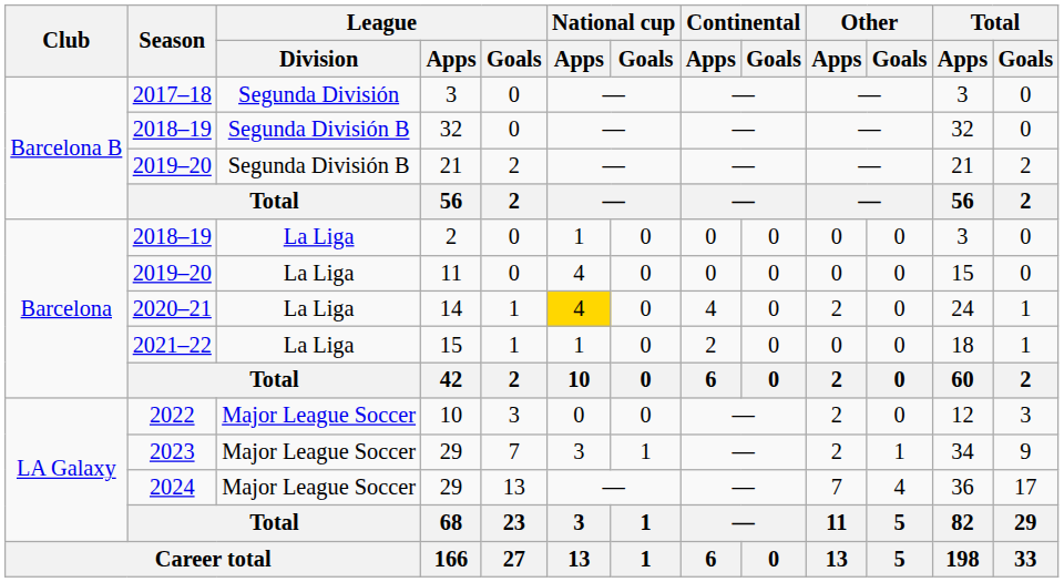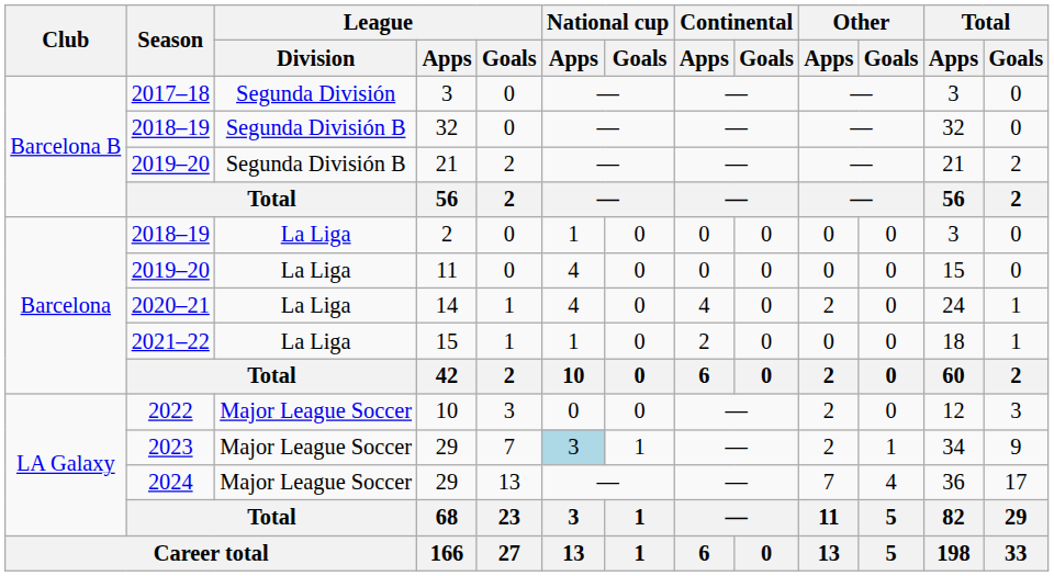 <table class="wikitable" style="text-align: center">
 <tr>
 <th rowspan="2">Club</th>
 <th rowspan="2">Season</th>
 <th colspan="3">League</th>
 <th colspan="2">National cup</th>
 <th colspan="2">Continental</th>
 <th colspan="2">Other</th>
 <th colspan="2">Total</th>
 </tr>
 <tr>
 <th>Division</th>
 <th>Apps</th>
 <th>Goals</th>
 <th>Apps</th>
 <th>Goals</th>
 <th>Apps</th>
 <th>Goals</th>
 <th>Apps</th>
 <th>Goals</th>
 <th>Apps</th>
 <th>Goals</th>
 </tr>
 <tr>
 <td rowspan="4"><a href='#'>Barcelona B</a></td>
 <td><a href='#'>2017–18</a></td>
 <td><a href='#'>Segunda División</a></td>
 <td>3</td>
 <td>0</td>
 <td colspan="2">—</td>
 <td colspan="2">—</td>
 <td colspan="2">—</td>
 <td>3</td>
 <td>0</td>
 </tr>
 <tr>
 <td><a href='#'>2018–19</a></td>
 <td><a href='#'>Segunda División B</a></td>
 <td>32</td>
 <td>0</td>
 <td colspan="2">—</td>
 <td colspan="2">—</td>
 <td colspan="2">—</td>
 <td>32</td>
 <td>0</td>
 </tr>
 <tr>
 <td><a href='#'>2019–20</a></td>
 <td>Segunda División B</td>
 <td>21</td>
 <td>2</td>
 <td colspan="2">—</td>
 <td colspan="2">—</td>
 <td colspan="2">—</td>
 <td>21</td>
 <td>2</td>
 </tr>
 <tr>
 <th colspan="2">Total</th>
 <th>56</th>
 <th>2</th>
 <th colspan="2">—</th>
 <th colspan="2">—</th>
 <th colspan="2">—</th>
 <th>56</th>
 <th>2</th>
 </tr>
 <tr>
 <td rowspan="5"><a href='#'>Barcelona</a></td>
 <td><a href='#'>2018–19</a></td>
 <td><a href='#'>La Liga</a></td>
 <td>2</td>
 <td>0</td>
 <td>1</td>
 <td>0</td>
 <td>0</td>
 <td>0</td>
 <td>0</td>
 <td>0</td>
 <td>3</td>
 <td>0</td>
 </tr>
 <tr>
 <td><a href='#'>2019–20</a></td>
 <td>La Liga</td>
 <td>11</td>
 <td>0</td>
 <td>4</td>
 <td>0</td>
 <td>0</td>
 <td>0</td>
 <td>0</td>
 <td>0</td>
 <td>15</td>
 <td>0</td>
 </tr>
 <tr>
 <td><a href='#'>2020–21</a></td>
 <td>La Liga</td>
 <td>14</td>
 <td>1</td>
-<td style="background: gold;">4</td>
+<td>4</td>
 <td>0</td>
 <td>4</td>
 <td>0</td>
 <td>2</td>
 <td>0</td>
 <td>24</td>
 <td>1</td>
 </tr>
 <tr>
 <td><a href='#'>2021–22</a></td>
 <td>La Liga</td>
 <td>15</td>
 <td>1</td>
 <td>1</td>
 <td>0</td>
 <td>2</td>
 <td>0</td>
 <td>0</td>
 <td>0</td>
 <td>18</td>
 <td>1</td>
 </tr>
 <tr>
 <th colspan="2">Total</th>
 <th>42</th>
 <th>2</th>
 <th>10</th>
 <th>0</th>
 <th>6</th>
 <th>0</th>
 <th>2</th>
 <th>0</th>
 <th>60</th>
 <th>2</th>
 </tr>
 <tr>
 <td rowspan="4"><a href='#'>LA Galaxy</a></td>
 <td><a href='#'>2022</a></td>
 <td><a href='#'>Major League Soccer</a></td>
 <td>10</td>
 <td>3</td>
 <td>0</td>
 <td>0</td>
 <td colspan="2">—</td>
 <td>2</td>
 <td>0</td>
 <td>12</td>
 <td>3</td>
 </tr>
 <tr>
 <td><a href='#'>2023</a></td>
 <td>Major League Soccer</td>
 <td>29</td>
 <td>7</td>
-<td>3</td>
+<td style="background: lightblue;">3</td>
 <td>1</td>
 <td colspan="2">—</td>
 <td>2</td>
 <td>1</td>
 <td>34</td>
 <td>9</td>
 </tr>
 <tr>
 <td><a href='#'>2024</a></td>
 <td>Major League Soccer</td>
 <td>29</td>
 <td>13</td>
 <td colspan="2">—</td>
 <td colspan="2">—</td>
 <td>7</td>
 <td>4</td>
 <td>36</td>
 <td>17</td>
 </tr>
 <tr>
 <th colspan="2">Total</th>
 <th>68</th>
 <th>23</th>
 <th>3</th>
 <th>1</th>
 <th colspan="2">—</th>
 <th>11</th>
 <th>5</th>
 <th>82</th>
 <th>29</th>
 </tr>
 <tr>
 <th colspan="3">Career total</th>
 <th>166</th>
 <th>27</th>
 <th>13</th>
 <th>1</th>
 <th>6</th>
 <th>0</th>
 <th>13</th>
 <th>5</th>
 <th>198</th>
 <th>33</th>
 </tr>
 </table>
